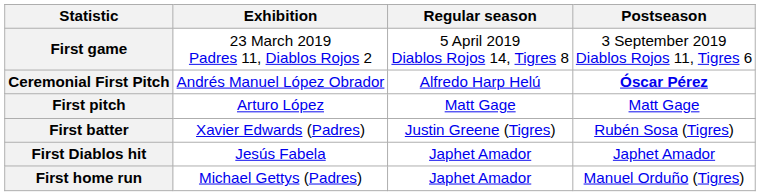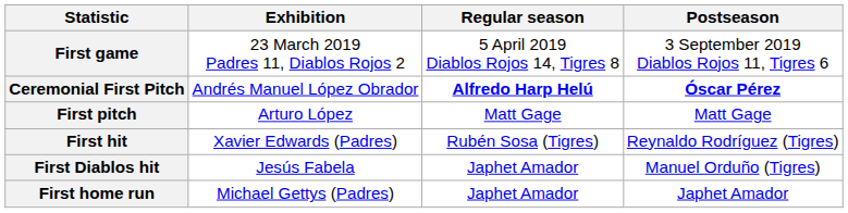 <table class="wikitable" align=center style="margin-left:15px; text-align:center; background:#ffffff;">
 <tr>
 <th scope="col">Statistic</th>
 <th scope="col">Exhibition</th>
 <th scope="col">Regular season</th>
 <th scope="col">Postseason</th>
 </tr>
 <tr>
 <th>First game</th>
 <td>23 March 2019<br><a href='#'>Padres</a> 11, <a href='#'>Diablos Rojos</a> 2</td>
 <td>5 April 2019<br><a href='#'>Diablos Rojos</a> 14, <a href='#'>Tigres</a> 8</td>
 <td>3 September 2019<br><a href='#'>Diablos Rojos</a> 11, <a href='#'>Tigres</a> 6</td>
 </tr>
 <tr>
 <th scope"row">Ceremonial First Pitch</th>
 <td><a href='#'>Andrés Manuel López Obrador</a></td>
-<td><a href='#'>Alfredo Harp Helú</a></td>
+<td><strong><a href='#'>Alfredo Harp Helú</a></strong></td>
 <td><strong><a href='#'>Óscar Pérez</a></strong></td>
 </tr>
 <tr>
 <th scope"row">First pitch</th>
 <td><a href='#'>Arturo López</a></td>
 <td><a href='#'>Matt Gage</a></td>
 <td><a href='#'>Matt Gage</a></td>
 </tr>
 <tr>
-<th scope"row">First batter</th>
+<th scope"row">First hit</th>
 <td><a href='#'>Xavier Edwards</a> (<a href='#'>Padres</a>)</td>
-<td><a href='#'>Justin Greene</a> (<a href='#'>Tigres</a>)</td>
 <td><a href='#'>Rubén Sosa</a> (<a href='#'>Tigres</a>)</td>
+<td><a href='#'>Reynaldo Rodríguez</a> (<a href='#'>Tigres</a>)</td>
 </tr>
 <tr>
 <th scope"row">First Diablos hit</th>
 <td><a href='#'>Jesús Fabela</a></td>
 <td><a href='#'>Japhet Amador</a></td>
-<td><a href='#'>Japhet Amador</a></td>
+<td><a href='#'>Manuel Orduño</a> (<a href='#'>Tigres</a>)</td>
 </tr>
 <tr>
 <th scope"row">First home run</th>
 <td><a href='#'>Michael Gettys</a> (<a href='#'>Padres</a>)</td>
 <td><a href='#'>Japhet Amador</a></td>
-<td><a href='#'>Manuel Orduño</a> (<a href='#'>Tigres</a>)</td>
+<td><a href='#'>Japhet Amador</a></td>
 </tr>
 </table>
